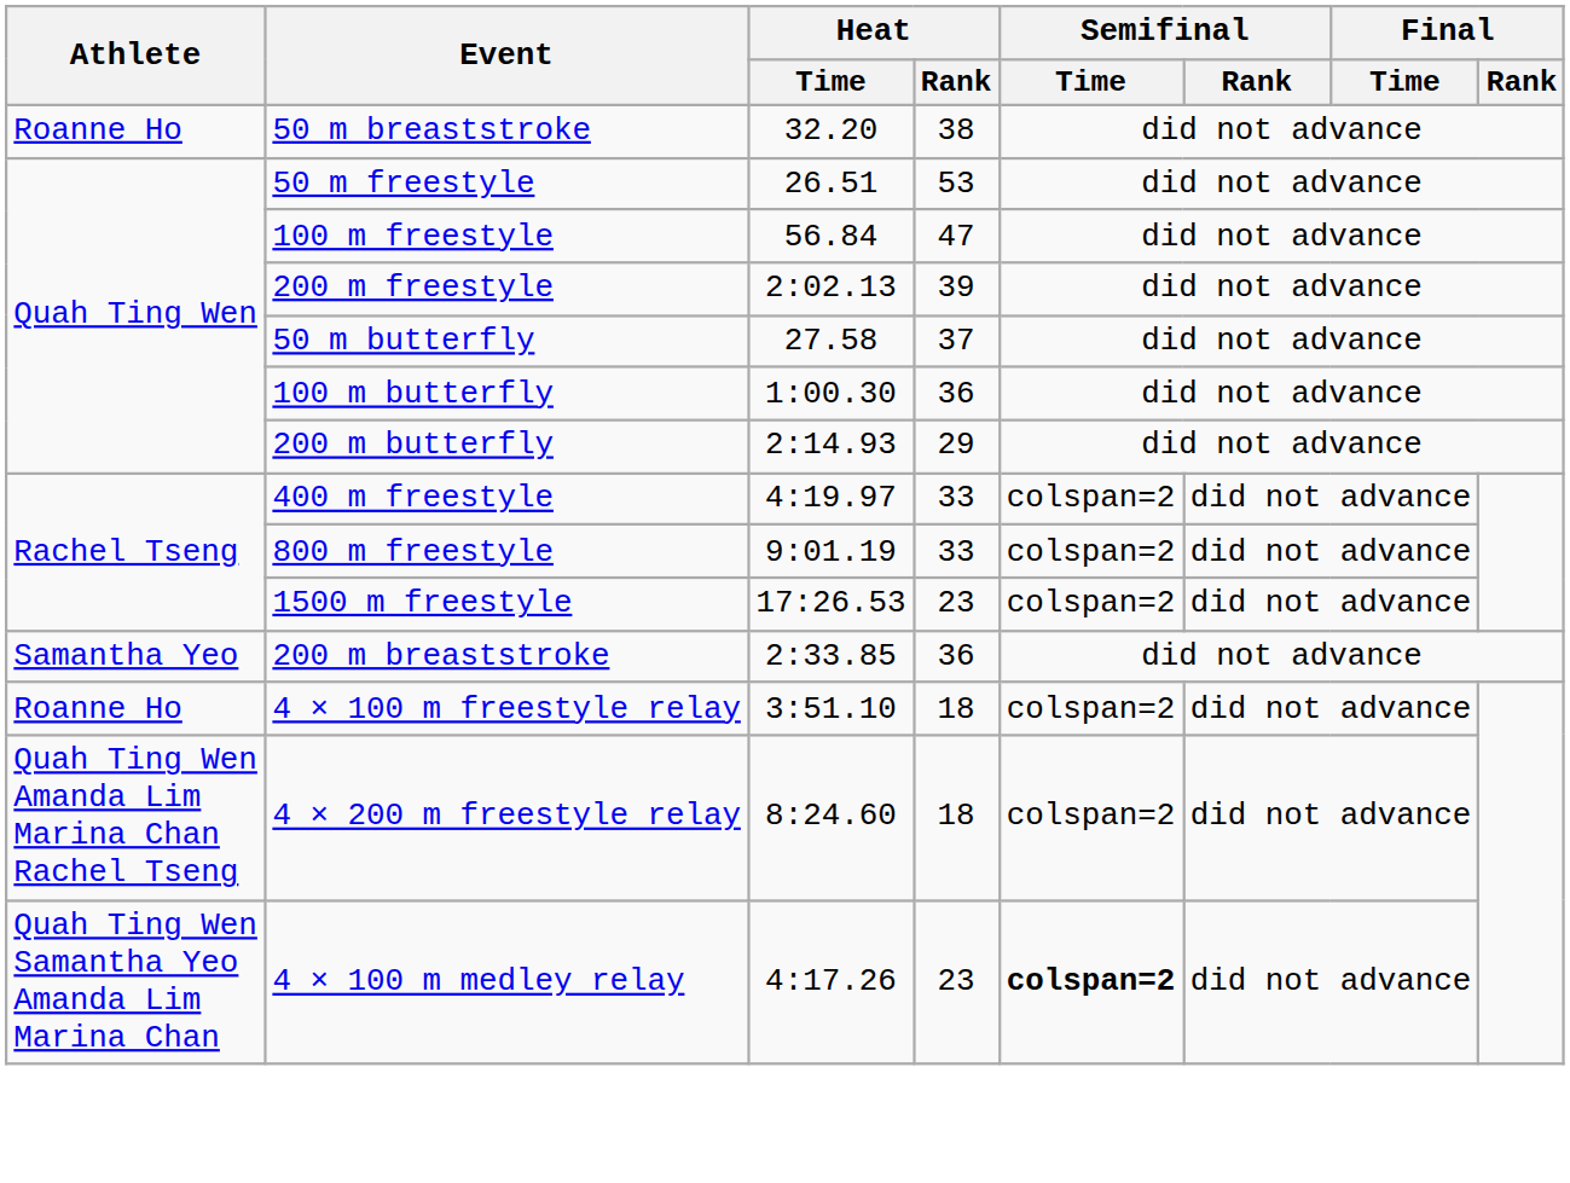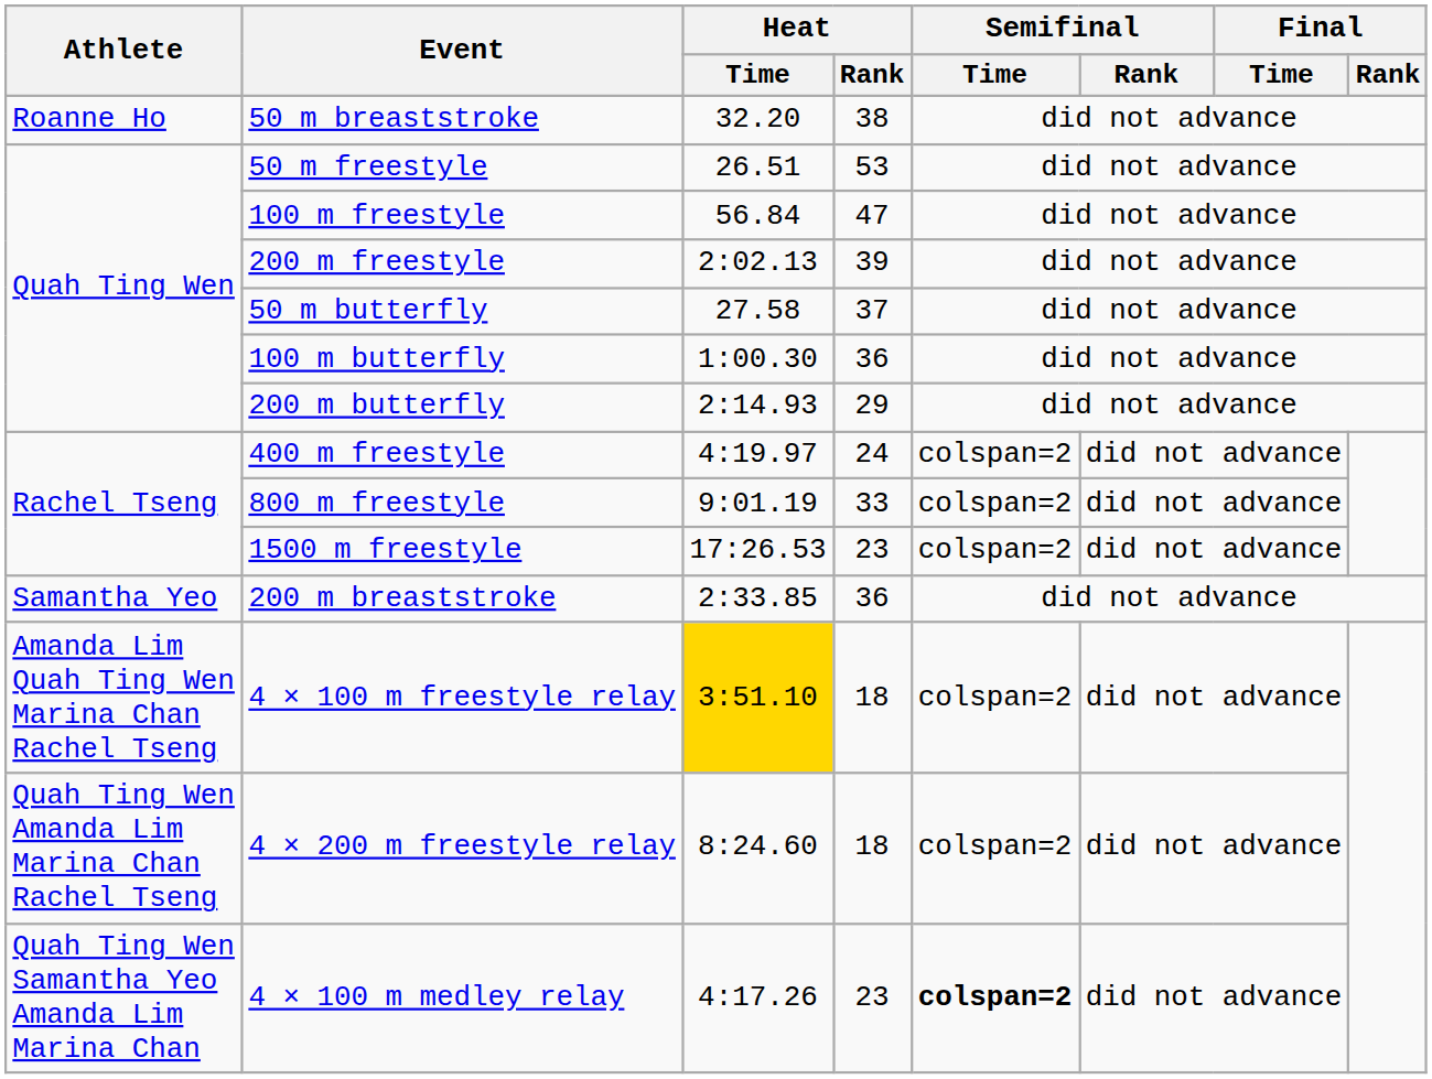 <table class=wikitable style="font-size:90%">
 <tr>
 <th rowspan="2">Athlete</th>
 <th rowspan="2">Event</th>
 <th colspan="2">Heat</th>
 <th colspan="2">Semifinal</th>
 <th colspan="2">Final</th>
 </tr>
 <tr style="font-size:95%">
 <th>Time</th>
 <th>Rank</th>
 <th>Time</th>
 <th>Rank</th>
 <th>Time</th>
 <th>Rank</th>
 </tr>
 <tr align=center>
 <td align=left><a href='#'>Roanne Ho</a></td>
 <td align=left><a href='#'>50 m breaststroke</a></td>
 <td>32.20</td>
 <td>38</td>
 <td colspan=4>did not advance</td>
 </tr>
 <tr align=center>
 <td align=left rowspan=6><a href='#'>Quah Ting Wen</a></td>
 <td align=left><a href='#'>50 m freestyle</a></td>
 <td>26.51</td>
 <td>53</td>
 <td colspan=4>did not advance</td>
 </tr>
 <tr align=center>
 <td align=left><a href='#'>100 m freestyle</a></td>
 <td>56.84</td>
 <td>47</td>
 <td colspan=4>did not advance</td>
 </tr>
 <tr align=center>
 <td align=left><a href='#'>200 m freestyle</a></td>
 <td>2:02.13</td>
 <td>39</td>
 <td colspan=4>did not advance</td>
 </tr>
 <tr align=center>
 <td align=left><a href='#'>50 m butterfly</a></td>
 <td>27.58</td>
 <td>37</td>
 <td colspan=4>did not advance</td>
 </tr>
 <tr align=center>
 <td align=left><a href='#'>100 m butterfly</a></td>
 <td>1:00.30</td>
 <td>36</td>
 <td colspan=4>did not advance</td>
 </tr>
 <tr align=center>
 <td align=left><a href='#'>200 m butterfly</a></td>
 <td>2:14.93</td>
 <td>29</td>
 <td colspan=4>did not advance</td>
 </tr>
 <tr align=center>
 <td align=left rowspan=3><a href='#'>Rachel Tseng</a></td>
 <td align=left><a href='#'>400 m freestyle</a></td>
 <td>4:19.97</td>
-<td>33</td>
+<td>24</td>
 <td>colspan=2 </td>
 <td colspan=2>did not advance</td>
 </tr>
 <tr align=center>
 <td align=left><a href='#'>800 m freestyle</a></td>
 <td>9:01.19</td>
 <td>33</td>
 <td>colspan=2 </td>
 <td colspan=2>did not advance</td>
 </tr>
 <tr align=center>
 <td align=left><a href='#'>1500 m freestyle</a></td>
 <td>17:26.53</td>
 <td>23</td>
 <td>colspan=2 </td>
 <td colspan=2>did not advance</td>
 </tr>
 <tr align=center>
 <td align=left><a href='#'>Samantha Yeo</a></td>
 <td align=left><a href='#'>200 m breaststroke</a></td>
 <td>2:33.85</td>
 <td>36</td>
 <td colspan=4>did not advance</td>
 </tr>
 <tr align=center>
-<td align=left><a href='#'>Roanne Ho</a></td>
+<td align=left><a href='#'>Amanda Lim</a><br><a href='#'>Quah Ting Wen</a><br><a href='#'>Marina Chan</a><br><a href='#'>Rachel Tseng</a></td>
 <td align=left><a href='#'>4 × 100 m freestyle relay</a></td>
-<td>3:51.10</td>
+<td style="background: gold;">3:51.10</td>
 <td>18</td>
 <td>colspan=2 </td>
 <td colspan=2>did not advance</td>
 </tr>
 <tr align=center>
 <td align=left><a href='#'>Quah Ting Wen</a><br><a href='#'>Amanda Lim</a><br><a href='#'>Marina Chan</a><br><a href='#'>Rachel Tseng</a></td>
 <td align=left><a href='#'>4 × 200 m freestyle relay</a></td>
 <td>8:24.60</td>
 <td>18</td>
 <td>colspan=2 </td>
 <td colspan=2>did not advance</td>
 </tr>
 <tr align=center>
 <td align=left><a href='#'>Quah Ting Wen</a><br><a href='#'>Samantha Yeo</a><br><a href='#'>Amanda Lim</a><br><a href='#'>Marina Chan</a></td>
 <td align=left><a href='#'>4 × 100 m medley relay</a></td>
 <td>4:17.26</td>
 <td>23</td>
 <td><strong>colspan=2 </strong></td>
 <td colspan=2>did not advance</td>
 </tr>
 </table>
